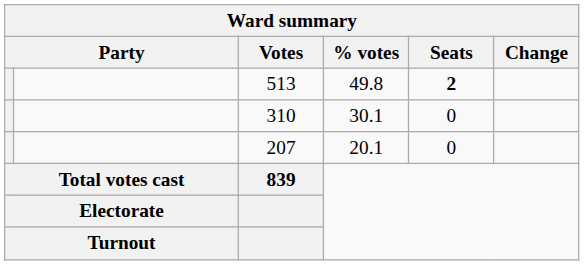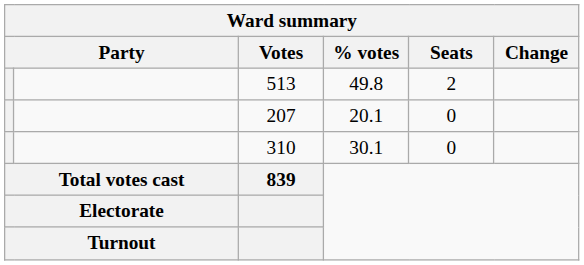 <table class="wikitable" style="font-size: 95%;">
 <tr>
 <th colspan="6">Ward summary</th>
 </tr>
 <tr>
 <th colspan="2">Party</th>
 <th style="width: 60px">Votes</th>
 <th style="width: 60px">% votes</th>
 <th style="width: 60px">Seats</th>
 <th style="width: 60px">Change</th>
 </tr>
 <tr>
 <th style="background-color: "></th>
 <td style="width: 170px"><a href='#'></a></td>
 <td align="center">513</td>
 <td align="center">49.8</td>
-<td align="center"><strong>2</strong></td>
+<td align="center">2</td>
+<td align="center"></td>
+</tr>
+<tr>
+<th style="background-color: "></th>
+<td style="width: 170px"><a href='#'></a></td>
+<td align="center">207</td>
+<td align="center">20.1</td>
+<td align="center">0</td>
 <td align="center"></td>
 </tr>
 <tr>
 <th style="background-color: "></th>
 <td style="width: 170px"><a href='#'></a></td>
 <td align="center">310</td>
 <td align="center">30.1</td>
-<td align="center">0</td>
-<td align="center"></td>
-</tr>
-<tr>
-<th style="background-color: "></th>
-<td style="width: 170px"><a href='#'></a></td>
-<td align="center">207</td>
-<td align="center">20.1</td>
 <td align="center">0</td>
 <td align="center"></td>
 </tr>
 <tr style="background-color:#E9E9E9">
 <th colspan="2">Total votes cast</th>
 <th style="width: 60px">839</th>
 </tr>
 <tr style="background-color:#E9E9E9">
 <th colspan="2">Electorate</th>
 <th style="width: 60px"></th>
 </tr>
 <tr style="background-color:#E9E9E9">
 <th colspan="2">Turnout</th>
 <th style="width: 60px"></th>
 </tr>
 </table>
